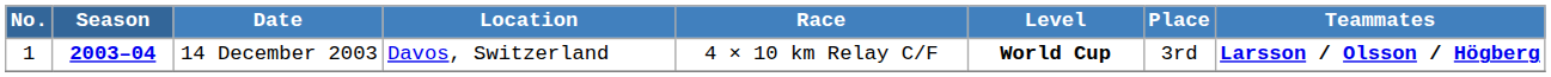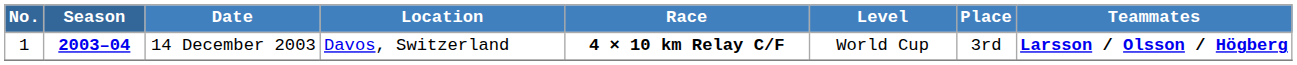 <table class="wikitable sortable" style="font-size:95%; text-align:center; border:grey solid 1px; border-collapse:collapse; background:#ffffff;">
 <tr style="background:#efefef;">
 <th style="background-color:#369; color:white;">No.</th>
 <th style="background-color:#369; color:white;">Season</th>
 <th style="background-color:#4180be; color:white; width:120px;">Date</th>
 <th style="background-color:#4180be; color:white; width:170px;">Location</th>
 <th style="background-color:#4180be; color:white; width:170px;">Race</th>
 <th style="background-color:#4180be; color:white; width:100px;">Level</th>
 <th style="background-color:#4180be; color:white;">Place</th>
 <th style="background-color:#4180be; color:white;">Teammates</th>
 </tr>
 <tr>
 <td align=center>1</td>
 <td rowspan=1 align=center><strong> <a href='#'>2003–04</a> </strong></td>
 <td align=right>14 December 2003</td>
 <td align=left> <a href='#'>Davos</a>, Switzerland</td>
-<td>4 × 10 km Relay C/F</td>
-<td><strong>World Cup</strong></td>
+<td><strong>4 × 10 km Relay C/F</strong></td>
+<td>World Cup</td>
 <td>3rd</td>
 <td><strong><a href='#'>Larsson</a> / <a href='#'>Olsson</a> / <a href='#'>Högberg</a></strong></td>
 </tr>
 <tr>
 </tr>
 </table>
